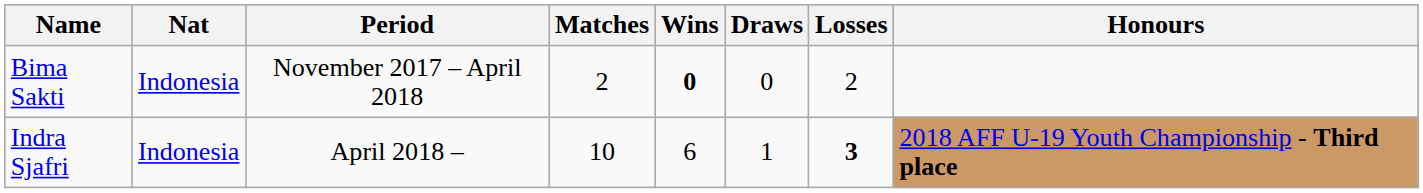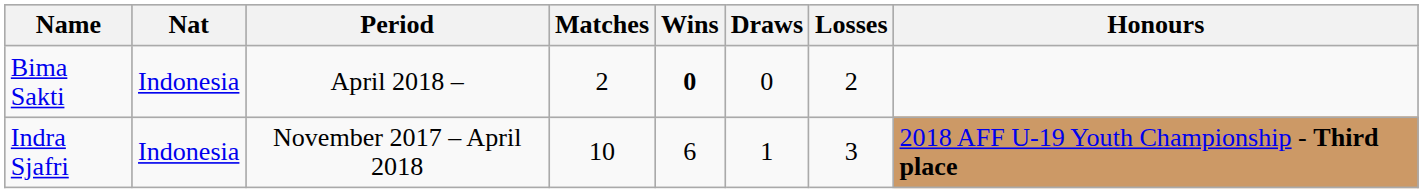 <table class="wikitable">
 <tr>
 <th>Name</th>
 <th>Nat</th>
 <th>Period</th>
 <th>Matches</th>
 <th>Wins</th>
 <th>Draws</th>
 <th>Losses</th>
 <th>Honours</th>
 </tr>
 <tr>
 <td><a href='#'>Bima Sakti</a></td>
 <td align="center"> <a href='#'>Indonesia</a></td>
-<td align="center">November 2017 – April 2018</td>
+<td align="center">April 2018 –</td>
 <td align="center">2</td>
 <td align="center"><strong>0</strong></td>
 <td align="center">0</td>
 <td align="center">2</td>
 </tr>
 <tr>
 <td><a href='#'>Indra Sjafri</a></td>
 <td align="center"> <a href='#'>Indonesia</a></td>
-<td align="center">April 2018 –</td>
+<td align="center">November 2017 – April 2018</td>
 <td align="center">10</td>
 <td align="center">6</td>
 <td align="center">1</td>
-<td align="center"><strong>3</strong></td>
+<td align="center">3</td>
 <td style="background:#c96"><a href='#'>2018 AFF U-19 Youth Championship</a> - <strong>Third place</strong></td>
 </tr>
 </table>
